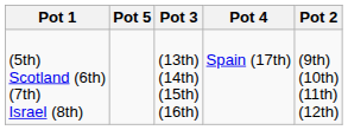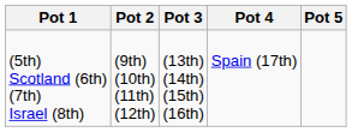 <table class="wikitable">
 <tr>
 <th>Pot 1</th>
-<th>Pot 5</th>
+<th>Pot 2</th>
 <th>Pot 3</th>
 <th>Pot 4</th>
-<th>Pot 2</th>
+<th>Pot 5</th>
 </tr>
 <tr>
 <td><br> (5th)<br>  <a href='#'>Scotland</a> (6th)<br>  (7th)<br>  <a href='#'>Israel</a> (8th)</td>
-<td><br><br> <br> <br> </td>
+<td><br> (9th)<br>  (10th)<br>  (11th)<br>  (12th)</td>
 <td><br> (13th)<br>  (14th)<br>  (15th)<br>  (16th)</td>
 <td><br> <a href='#'>Spain</a> (17th)<br> <br> <br> <br></td>
-<td><br> (9th)<br>  (10th)<br>  (11th)<br>  (12th)</td>
+<td><br><br> <br> <br> </td>
 </tr>
 </table>
